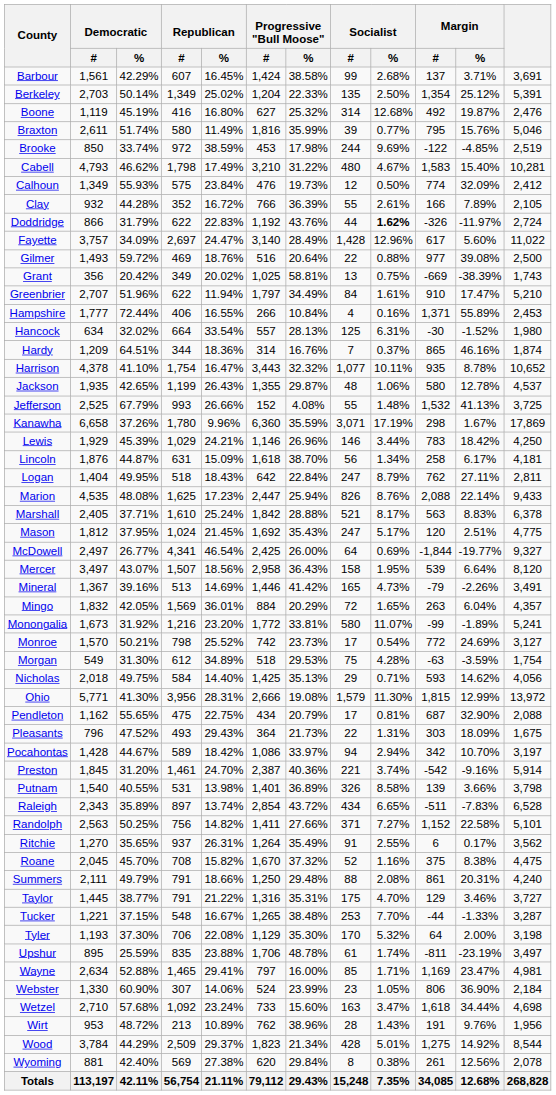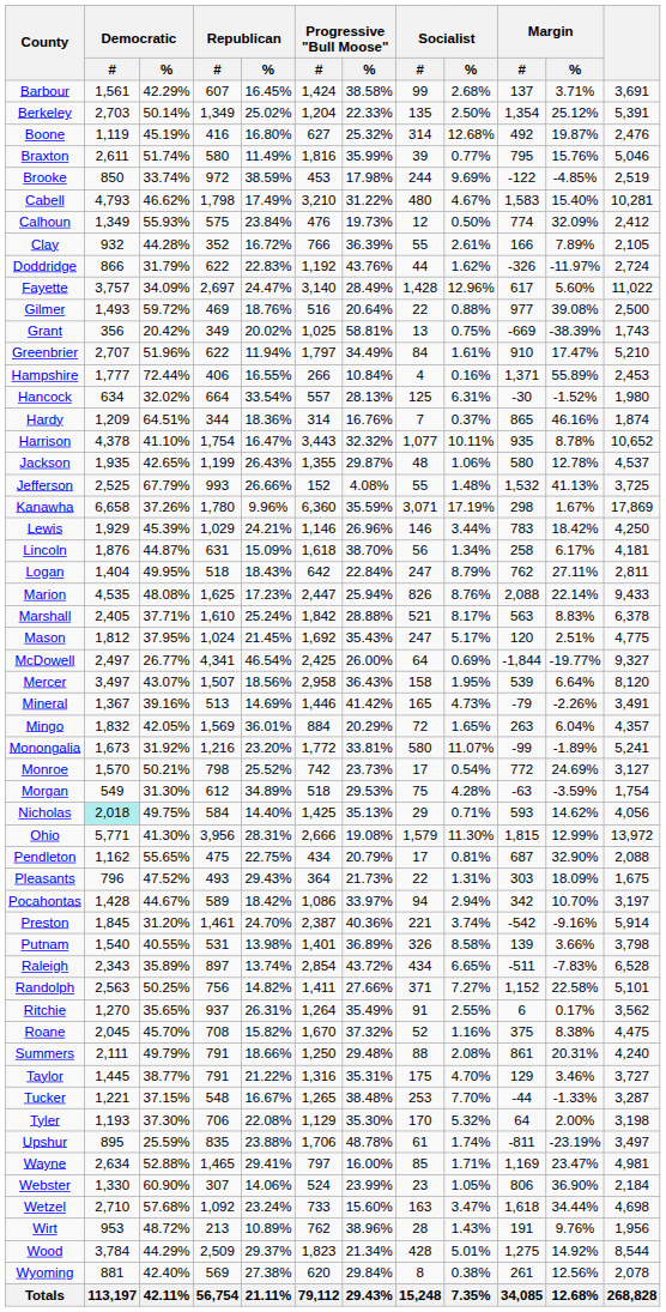 <table class="wikitable sortable mw-collapsible mw-collapsed" style="text-align:center">
 <tr>
 <th style="text-align:center;" rowspan="2">County</th>
 <th style="text-align:center;" colspan="2"><br>Democratic</th>
 <th style="text-align:center;" colspan="2"><br>Republican</th>
 <th style="text-align:center;" colspan="2"><br>Progressive "Bull Moose"</th>
 <th style="text-align:center;" colspan="2"><br>Socialist</th>
 <th style="text-align:center;" colspan="2">Margin</th>
 <th style="text-align:center;" rowspan="2"></th>
 </tr>
 <tr>
 <th style="text-align:center;" data-sort-type="number">#</th>
 <th style="text-align:center;" data-sort-type="number">%</th>
 <th style="text-align:center;" data-sort-type="number">#</th>
 <th style="text-align:center;" data-sort-type="number">%</th>
 <th style="text-align:center;" data-sort-type="number">#</th>
 <th style="text-align:center;" data-sort-type="number">%</th>
 <th style="text-align:center;" data-sort-type="number">#</th>
 <th style="text-align:center;" data-sort-type="number">%</th>
 <th style="text-align:center;" data-sort-type="number">#</th>
 <th style="text-align:center;" data-sort-type="number">%</th>
 </tr>
 <tr style="text-align:center;">
 <td><a href='#'>Barbour</a></td>
 <td>1,561</td>
 <td>42.29%</td>
 <td>607</td>
 <td>16.45%</td>
 <td>1,424</td>
 <td>38.58%</td>
 <td>99</td>
 <td>2.68%</td>
 <td>137</td>
 <td>3.71%</td>
 <td>3,691</td>
 </tr>
 <tr style="text-align:center;">
 <td><a href='#'>Berkeley</a></td>
 <td>2,703</td>
 <td>50.14%</td>
 <td>1,349</td>
 <td>25.02%</td>
 <td>1,204</td>
 <td>22.33%</td>
 <td>135</td>
 <td>2.50%</td>
 <td>1,354</td>
 <td>25.12%</td>
 <td>5,391</td>
 </tr>
 <tr style="text-align:center;">
 <td><a href='#'>Boone</a></td>
 <td>1,119</td>
 <td>45.19%</td>
 <td>416</td>
 <td>16.80%</td>
 <td>627</td>
 <td>25.32%</td>
 <td>314</td>
 <td>12.68%</td>
 <td>492</td>
 <td>19.87%</td>
 <td>2,476</td>
 </tr>
 <tr style="text-align:center;">
 <td><a href='#'>Braxton</a></td>
 <td>2,611</td>
 <td>51.74%</td>
 <td>580</td>
 <td>11.49%</td>
 <td>1,816</td>
 <td>35.99%</td>
 <td>39</td>
 <td>0.77%</td>
 <td>795</td>
 <td>15.76%</td>
 <td>5,046</td>
 </tr>
 <tr style="text-align:center;">
 <td><a href='#'>Brooke</a></td>
 <td>850</td>
 <td>33.74%</td>
 <td>972</td>
 <td>38.59%</td>
 <td>453</td>
 <td>17.98%</td>
 <td>244</td>
 <td>9.69%</td>
 <td>-122</td>
 <td>-4.85%</td>
 <td>2,519</td>
 </tr>
 <tr style="text-align:center;">
 <td><a href='#'>Cabell</a></td>
 <td>4,793</td>
 <td>46.62%</td>
 <td>1,798</td>
 <td>17.49%</td>
 <td>3,210</td>
 <td>31.22%</td>
 <td>480</td>
 <td>4.67%</td>
 <td>1,583</td>
 <td>15.40%</td>
 <td>10,281</td>
 </tr>
 <tr style="text-align:center;">
 <td><a href='#'>Calhoun</a></td>
 <td>1,349</td>
 <td>55.93%</td>
 <td>575</td>
 <td>23.84%</td>
 <td>476</td>
 <td>19.73%</td>
 <td>12</td>
 <td>0.50%</td>
 <td>774</td>
 <td>32.09%</td>
 <td>2,412</td>
 </tr>
 <tr style="text-align:center;">
 <td><a href='#'>Clay</a></td>
 <td>932</td>
 <td>44.28%</td>
 <td>352</td>
 <td>16.72%</td>
 <td>766</td>
 <td>36.39%</td>
 <td>55</td>
 <td>2.61%</td>
 <td>166</td>
 <td>7.89%</td>
 <td>2,105</td>
 </tr>
 <tr style="text-align:center;">
 <td><a href='#'>Doddridge</a></td>
 <td>866</td>
 <td>31.79%</td>
 <td>622</td>
 <td>22.83%</td>
 <td>1,192</td>
 <td>43.76%</td>
 <td>44</td>
-<td><strong>1.62%</strong></td>
+<td>1.62%</td>
 <td>-326</td>
 <td>-11.97%</td>
 <td>2,724</td>
 </tr>
 <tr style="text-align:center;">
 <td><a href='#'>Fayette</a></td>
 <td>3,757</td>
 <td>34.09%</td>
 <td>2,697</td>
 <td>24.47%</td>
 <td>3,140</td>
 <td>28.49%</td>
 <td>1,428</td>
 <td>12.96%</td>
 <td>617</td>
 <td>5.60%</td>
 <td>11,022</td>
 </tr>
 <tr style="text-align:center;">
 <td><a href='#'>Gilmer</a></td>
 <td>1,493</td>
 <td>59.72%</td>
 <td>469</td>
 <td>18.76%</td>
 <td>516</td>
 <td>20.64%</td>
 <td>22</td>
 <td>0.88%</td>
 <td>977</td>
 <td>39.08%</td>
 <td>2,500</td>
 </tr>
 <tr style="text-align:center;">
 <td><a href='#'>Grant</a></td>
 <td>356</td>
 <td>20.42%</td>
 <td>349</td>
 <td>20.02%</td>
 <td>1,025</td>
 <td>58.81%</td>
 <td>13</td>
 <td>0.75%</td>
 <td>-669</td>
 <td>-38.39%</td>
 <td>1,743</td>
 </tr>
 <tr style="text-align:center;">
 <td><a href='#'>Greenbrier</a></td>
 <td>2,707</td>
 <td>51.96%</td>
 <td>622</td>
 <td>11.94%</td>
 <td>1,797</td>
 <td>34.49%</td>
 <td>84</td>
 <td>1.61%</td>
 <td>910</td>
 <td>17.47%</td>
 <td>5,210</td>
 </tr>
 <tr style="text-align:center;">
 <td><a href='#'>Hampshire</a></td>
 <td>1,777</td>
 <td>72.44%</td>
 <td>406</td>
 <td>16.55%</td>
 <td>266</td>
 <td>10.84%</td>
 <td>4</td>
 <td>0.16%</td>
 <td>1,371</td>
 <td>55.89%</td>
 <td>2,453</td>
 </tr>
 <tr style="text-align:center;">
 <td><a href='#'>Hancock</a></td>
 <td>634</td>
 <td>32.02%</td>
 <td>664</td>
 <td>33.54%</td>
 <td>557</td>
 <td>28.13%</td>
 <td>125</td>
 <td>6.31%</td>
 <td>-30</td>
 <td>-1.52%</td>
 <td>1,980</td>
 </tr>
 <tr style="text-align:center;">
 <td><a href='#'>Hardy</a></td>
 <td>1,209</td>
 <td>64.51%</td>
 <td>344</td>
 <td>18.36%</td>
 <td>314</td>
 <td>16.76%</td>
 <td>7</td>
 <td>0.37%</td>
 <td>865</td>
 <td>46.16%</td>
 <td>1,874</td>
 </tr>
 <tr style="text-align:center;">
 <td><a href='#'>Harrison</a></td>
 <td>4,378</td>
 <td>41.10%</td>
 <td>1,754</td>
 <td>16.47%</td>
 <td>3,443</td>
 <td>32.32%</td>
 <td>1,077</td>
 <td>10.11%</td>
 <td>935</td>
 <td>8.78%</td>
 <td>10,652</td>
 </tr>
 <tr style="text-align:center;">
 <td><a href='#'>Jackson</a></td>
 <td>1,935</td>
 <td>42.65%</td>
 <td>1,199</td>
 <td>26.43%</td>
 <td>1,355</td>
 <td>29.87%</td>
 <td>48</td>
 <td>1.06%</td>
 <td>580</td>
 <td>12.78%</td>
 <td>4,537</td>
 </tr>
 <tr style="text-align:center;">
 <td><a href='#'>Jefferson</a></td>
 <td>2,525</td>
 <td>67.79%</td>
 <td>993</td>
 <td>26.66%</td>
 <td>152</td>
 <td>4.08%</td>
 <td>55</td>
 <td>1.48%</td>
 <td>1,532</td>
 <td>41.13%</td>
 <td>3,725</td>
 </tr>
 <tr style="text-align:center;">
 <td><a href='#'>Kanawha</a></td>
 <td>6,658</td>
 <td>37.26%</td>
 <td>1,780</td>
 <td>9.96%</td>
 <td>6,360</td>
 <td>35.59%</td>
 <td>3,071</td>
 <td>17.19%</td>
 <td>298</td>
 <td>1.67%</td>
 <td>17,869</td>
 </tr>
 <tr style="text-align:center;">
 <td><a href='#'>Lewis</a></td>
 <td>1,929</td>
 <td>45.39%</td>
 <td>1,029</td>
 <td>24.21%</td>
 <td>1,146</td>
 <td>26.96%</td>
 <td>146</td>
 <td>3.44%</td>
 <td>783</td>
 <td>18.42%</td>
 <td>4,250</td>
 </tr>
 <tr style="text-align:center;">
 <td><a href='#'>Lincoln</a></td>
 <td>1,876</td>
 <td>44.87%</td>
 <td>631</td>
 <td>15.09%</td>
 <td>1,618</td>
 <td>38.70%</td>
 <td>56</td>
 <td>1.34%</td>
 <td>258</td>
 <td>6.17%</td>
 <td>4,181</td>
 </tr>
 <tr style="text-align:center;">
 <td><a href='#'>Logan</a></td>
 <td>1,404</td>
 <td>49.95%</td>
 <td>518</td>
 <td>18.43%</td>
 <td>642</td>
 <td>22.84%</td>
 <td>247</td>
 <td>8.79%</td>
 <td>762</td>
 <td>27.11%</td>
 <td>2,811</td>
 </tr>
 <tr style="text-align:center;">
 <td><a href='#'>Marion</a></td>
 <td>4,535</td>
 <td>48.08%</td>
 <td>1,625</td>
 <td>17.23%</td>
 <td>2,447</td>
 <td>25.94%</td>
 <td>826</td>
 <td>8.76%</td>
 <td>2,088</td>
 <td>22.14%</td>
 <td>9,433</td>
 </tr>
 <tr style="text-align:center;">
 <td><a href='#'>Marshall</a></td>
 <td>2,405</td>
 <td>37.71%</td>
 <td>1,610</td>
 <td>25.24%</td>
 <td>1,842</td>
 <td>28.88%</td>
 <td>521</td>
 <td>8.17%</td>
 <td>563</td>
 <td>8.83%</td>
 <td>6,378</td>
 </tr>
 <tr style="text-align:center;">
 <td><a href='#'>Mason</a></td>
 <td>1,812</td>
 <td>37.95%</td>
 <td>1,024</td>
 <td>21.45%</td>
 <td>1,692</td>
 <td>35.43%</td>
 <td>247</td>
 <td>5.17%</td>
 <td>120</td>
 <td>2.51%</td>
 <td>4,775</td>
 </tr>
 <tr style="text-align:center;">
 <td><a href='#'>McDowell</a></td>
 <td>2,497</td>
 <td>26.77%</td>
 <td>4,341</td>
 <td>46.54%</td>
 <td>2,425</td>
 <td>26.00%</td>
 <td>64</td>
 <td>0.69%</td>
 <td>-1,844</td>
 <td>-19.77%</td>
 <td>9,327</td>
 </tr>
 <tr style="text-align:center;">
 <td><a href='#'>Mercer</a></td>
 <td>3,497</td>
 <td>43.07%</td>
 <td>1,507</td>
 <td>18.56%</td>
 <td>2,958</td>
 <td>36.43%</td>
 <td>158</td>
 <td>1.95%</td>
 <td>539</td>
 <td>6.64%</td>
 <td>8,120</td>
 </tr>
 <tr style="text-align:center;">
 <td><a href='#'>Mineral</a></td>
 <td>1,367</td>
 <td>39.16%</td>
 <td>513</td>
 <td>14.69%</td>
 <td>1,446</td>
 <td>41.42%</td>
 <td>165</td>
 <td>4.73%</td>
 <td>-79</td>
 <td>-2.26%</td>
 <td>3,491</td>
 </tr>
 <tr style="text-align:center;">
 <td><a href='#'>Mingo</a></td>
 <td>1,832</td>
 <td>42.05%</td>
 <td>1,569</td>
 <td>36.01%</td>
 <td>884</td>
 <td>20.29%</td>
 <td>72</td>
 <td>1.65%</td>
 <td>263</td>
 <td>6.04%</td>
 <td>4,357</td>
 </tr>
 <tr style="text-align:center;">
 <td><a href='#'>Monongalia</a></td>
 <td>1,673</td>
 <td>31.92%</td>
 <td>1,216</td>
 <td>23.20%</td>
 <td>1,772</td>
 <td>33.81%</td>
 <td>580</td>
 <td>11.07%</td>
 <td>-99</td>
 <td>-1.89%</td>
 <td>5,241</td>
 </tr>
 <tr style="text-align:center;">
 <td><a href='#'>Monroe</a></td>
 <td>1,570</td>
 <td>50.21%</td>
 <td>798</td>
 <td>25.52%</td>
 <td>742</td>
 <td>23.73%</td>
 <td>17</td>
 <td>0.54%</td>
 <td>772</td>
 <td>24.69%</td>
 <td>3,127</td>
 </tr>
 <tr style="text-align:center;">
 <td><a href='#'>Morgan</a></td>
 <td>549</td>
 <td>31.30%</td>
 <td>612</td>
 <td>34.89%</td>
 <td>518</td>
 <td>29.53%</td>
 <td>75</td>
 <td>4.28%</td>
 <td>-63</td>
 <td>-3.59%</td>
 <td>1,754</td>
 </tr>
 <tr style="text-align:center;">
 <td><a href='#'>Nicholas</a></td>
-<td>2,018</td>
+<td style="background: paleturquoise;">2,018</td>
 <td>49.75%</td>
 <td>584</td>
 <td>14.40%</td>
 <td>1,425</td>
 <td>35.13%</td>
 <td>29</td>
 <td>0.71%</td>
 <td>593</td>
 <td>14.62%</td>
 <td>4,056</td>
 </tr>
 <tr style="text-align:center;">
 <td><a href='#'>Ohio</a></td>
 <td>5,771</td>
 <td>41.30%</td>
 <td>3,956</td>
 <td>28.31%</td>
 <td>2,666</td>
 <td>19.08%</td>
 <td>1,579</td>
 <td>11.30%</td>
 <td>1,815</td>
 <td>12.99%</td>
 <td>13,972</td>
 </tr>
 <tr style="text-align:center;">
 <td><a href='#'>Pendleton</a></td>
 <td>1,162</td>
 <td>55.65%</td>
 <td>475</td>
 <td>22.75%</td>
 <td>434</td>
 <td>20.79%</td>
 <td>17</td>
 <td>0.81%</td>
 <td>687</td>
 <td>32.90%</td>
 <td>2,088</td>
 </tr>
 <tr style="text-align:center;">
 <td><a href='#'>Pleasants</a></td>
 <td>796</td>
 <td>47.52%</td>
 <td>493</td>
 <td>29.43%</td>
 <td>364</td>
 <td>21.73%</td>
 <td>22</td>
 <td>1.31%</td>
 <td>303</td>
 <td>18.09%</td>
 <td>1,675</td>
 </tr>
 <tr style="text-align:center;">
 <td><a href='#'>Pocahontas</a></td>
 <td>1,428</td>
 <td>44.67%</td>
 <td>589</td>
 <td>18.42%</td>
 <td>1,086</td>
 <td>33.97%</td>
 <td>94</td>
 <td>2.94%</td>
 <td>342</td>
 <td>10.70%</td>
 <td>3,197</td>
 </tr>
 <tr style="text-align:center;">
 <td><a href='#'>Preston</a></td>
 <td>1,845</td>
 <td>31.20%</td>
 <td>1,461</td>
 <td>24.70%</td>
 <td>2,387</td>
 <td>40.36%</td>
 <td>221</td>
 <td>3.74%</td>
 <td>-542</td>
 <td>-9.16%</td>
 <td>5,914</td>
 </tr>
 <tr style="text-align:center;">
 <td><a href='#'>Putnam</a></td>
 <td>1,540</td>
 <td>40.55%</td>
 <td>531</td>
 <td>13.98%</td>
 <td>1,401</td>
 <td>36.89%</td>
 <td>326</td>
 <td>8.58%</td>
 <td>139</td>
 <td>3.66%</td>
 <td>3,798</td>
 </tr>
 <tr style="text-align:center;">
 <td><a href='#'>Raleigh</a></td>
 <td>2,343</td>
 <td>35.89%</td>
 <td>897</td>
 <td>13.74%</td>
 <td>2,854</td>
 <td>43.72%</td>
 <td>434</td>
 <td>6.65%</td>
 <td>-511</td>
 <td>-7.83%</td>
 <td>6,528</td>
 </tr>
 <tr style="text-align:center;">
 <td><a href='#'>Randolph</a></td>
 <td>2,563</td>
 <td>50.25%</td>
 <td>756</td>
 <td>14.82%</td>
 <td>1,411</td>
 <td>27.66%</td>
 <td>371</td>
 <td>7.27%</td>
 <td>1,152</td>
 <td>22.58%</td>
 <td>5,101</td>
 </tr>
 <tr style="text-align:center;">
 <td><a href='#'>Ritchie</a></td>
 <td>1,270</td>
 <td>35.65%</td>
 <td>937</td>
 <td>26.31%</td>
 <td>1,264</td>
 <td>35.49%</td>
 <td>91</td>
 <td>2.55%</td>
 <td>6</td>
 <td>0.17%</td>
 <td>3,562</td>
 </tr>
 <tr style="text-align:center;">
 <td><a href='#'>Roane</a></td>
 <td>2,045</td>
 <td>45.70%</td>
 <td>708</td>
 <td>15.82%</td>
 <td>1,670</td>
 <td>37.32%</td>
 <td>52</td>
 <td>1.16%</td>
 <td>375</td>
 <td>8.38%</td>
 <td>4,475</td>
 </tr>
 <tr style="text-align:center;">
 <td><a href='#'>Summers</a></td>
 <td>2,111</td>
 <td>49.79%</td>
 <td>791</td>
 <td>18.66%</td>
 <td>1,250</td>
 <td>29.48%</td>
 <td>88</td>
 <td>2.08%</td>
 <td>861</td>
 <td>20.31%</td>
 <td>4,240</td>
 </tr>
 <tr style="text-align:center;">
 <td><a href='#'>Taylor</a></td>
 <td>1,445</td>
 <td>38.77%</td>
 <td>791</td>
 <td>21.22%</td>
 <td>1,316</td>
 <td>35.31%</td>
 <td>175</td>
 <td>4.70%</td>
 <td>129</td>
 <td>3.46%</td>
 <td>3,727</td>
 </tr>
 <tr style="text-align:center;">
 <td><a href='#'>Tucker</a></td>
 <td>1,221</td>
 <td>37.15%</td>
 <td>548</td>
 <td>16.67%</td>
 <td>1,265</td>
 <td>38.48%</td>
 <td>253</td>
 <td>7.70%</td>
 <td>-44</td>
 <td>-1.33%</td>
 <td>3,287</td>
 </tr>
 <tr style="text-align:center;">
 <td><a href='#'>Tyler</a></td>
 <td>1,193</td>
 <td>37.30%</td>
 <td>706</td>
 <td>22.08%</td>
 <td>1,129</td>
 <td>35.30%</td>
 <td>170</td>
 <td>5.32%</td>
 <td>64</td>
 <td>2.00%</td>
 <td>3,198</td>
 </tr>
 <tr style="text-align:center;">
 <td><a href='#'>Upshur</a></td>
 <td>895</td>
 <td>25.59%</td>
 <td>835</td>
 <td>23.88%</td>
 <td>1,706</td>
 <td>48.78%</td>
 <td>61</td>
 <td>1.74%</td>
 <td>-811</td>
 <td>-23.19%</td>
 <td>3,497</td>
 </tr>
 <tr style="text-align:center;">
 <td><a href='#'>Wayne</a></td>
 <td>2,634</td>
 <td>52.88%</td>
 <td>1,465</td>
 <td>29.41%</td>
 <td>797</td>
 <td>16.00%</td>
 <td>85</td>
 <td>1.71%</td>
 <td>1,169</td>
 <td>23.47%</td>
 <td>4,981</td>
 </tr>
 <tr style="text-align:center;">
 <td><a href='#'>Webster</a></td>
 <td>1,330</td>
 <td>60.90%</td>
 <td>307</td>
 <td>14.06%</td>
 <td>524</td>
 <td>23.99%</td>
 <td>23</td>
 <td>1.05%</td>
 <td>806</td>
 <td>36.90%</td>
 <td>2,184</td>
 </tr>
 <tr style="text-align:center;">
 <td><a href='#'>Wetzel</a></td>
 <td>2,710</td>
 <td>57.68%</td>
 <td>1,092</td>
 <td>23.24%</td>
 <td>733</td>
 <td>15.60%</td>
 <td>163</td>
 <td>3.47%</td>
 <td>1,618</td>
 <td>34.44%</td>
 <td>4,698</td>
 </tr>
 <tr style="text-align:center;">
 <td><a href='#'>Wirt</a></td>
 <td>953</td>
 <td>48.72%</td>
 <td>213</td>
 <td>10.89%</td>
 <td>762</td>
 <td>38.96%</td>
 <td>28</td>
 <td>1.43%</td>
 <td>191</td>
 <td>9.76%</td>
 <td>1,956</td>
 </tr>
 <tr style="text-align:center;">
 <td><a href='#'>Wood</a></td>
 <td>3,784</td>
 <td>44.29%</td>
 <td>2,509</td>
 <td>29.37%</td>
 <td>1,823</td>
 <td>21.34%</td>
 <td>428</td>
 <td>5.01%</td>
 <td>1,275</td>
 <td>14.92%</td>
 <td>8,544</td>
 </tr>
 <tr style="text-align:center;">
 <td><a href='#'>Wyoming</a></td>
 <td>881</td>
 <td>42.40%</td>
 <td>569</td>
 <td>27.38%</td>
 <td>620</td>
 <td>29.84%</td>
 <td>8</td>
 <td>0.38%</td>
 <td>261</td>
 <td>12.56%</td>
 <td>2,078</td>
 </tr>
 <tr style="text-align:center;">
 <th>Totals</th>
 <th>113,197</th>
 <th>42.11%</th>
 <th>56,754</th>
 <th>21.11%</th>
 <th>79,112</th>
 <th>29.43%</th>
 <th>15,248</th>
 <th>7.35%</th>
 <th>34,085</th>
 <th>12.68%</th>
 <th>268,828</th>
 </tr>
 </table>
